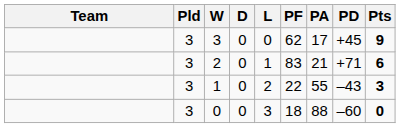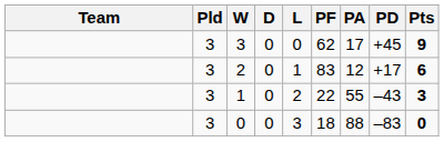 <table class="wikitable" style="text-align:center;">
 <tr>
 <th width=175>Team</th>
 <th width=20 abbr="Played">Pld</th>
 <th width=20 abbr="Won">W</th>
 <th width=20 abbr="Drawn">D</th>
 <th width=20 abbr="Lost">L</th>
 <th width=20 abbr="Points for">PF</th>
 <th width=20 abbr="Points against">PA</th>
 <th width=25 abbr="Points difference">PD</th>
 <th width=20 abbr="Points">Pts</th>
 </tr>
 <tr>
 <td align=left></td>
 <td>3</td>
 <td>3</td>
 <td>0</td>
 <td>0</td>
 <td>62</td>
 <td>17</td>
 <td>+45</td>
 <td><strong>9</strong></td>
 </tr>
 <tr>
 <td align=left></td>
 <td>3</td>
 <td>2</td>
 <td>0</td>
 <td>1</td>
 <td>83</td>
-<td>21</td>
-<td>+71</td>
+<td>12</td>
+<td>+17</td>
 <td><strong>6</strong></td>
 </tr>
 <tr>
 <td align=left></td>
 <td>3</td>
 <td>1</td>
 <td>0</td>
 <td>2</td>
 <td>22</td>
 <td>55</td>
 <td>–43</td>
 <td><strong>3</strong></td>
 </tr>
 <tr>
 <td align=left></td>
 <td>3</td>
 <td>0</td>
 <td>0</td>
 <td>3</td>
 <td>18</td>
 <td>88</td>
-<td>–60</td>
+<td>–83</td>
 <td><strong>0</strong></td>
 </tr>
 </table>
